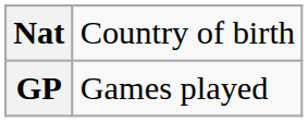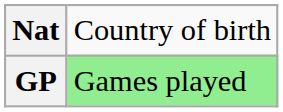 <table class="wikitable" style="font-size:90%;">
 <tr>
 <th>Nat</th>
 <td>Country of birth</td>
 </tr>
 <tr>
 <th>GP</th>
-<td>Games played</td>
+<td style="background: lightgreen;">Games played</td>
 </tr>
 </table>
